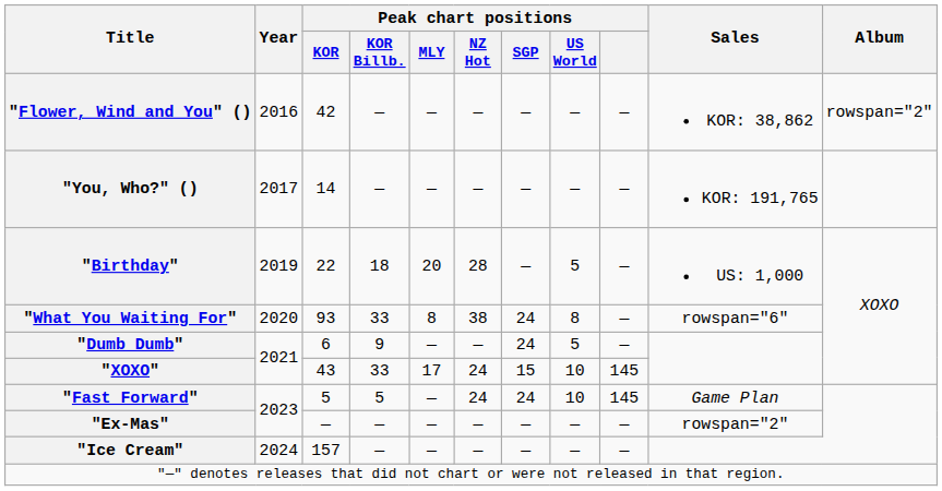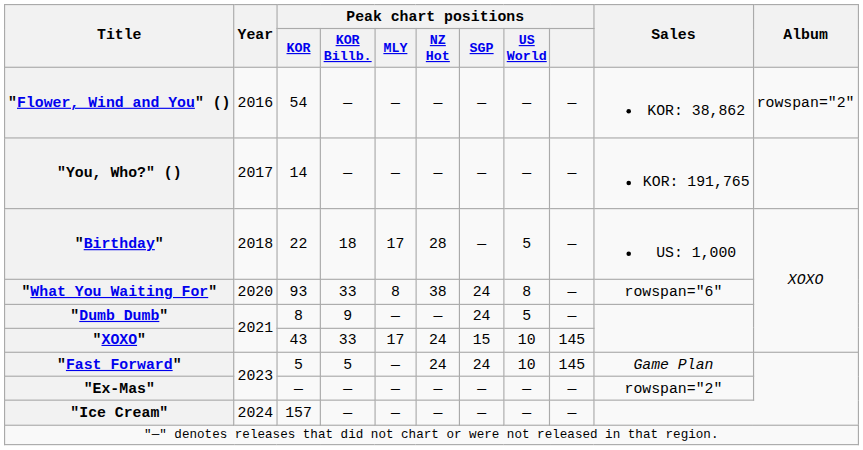 <table class="wikitable plainrowheaders" style="text-align:center">
 <tr>
 <th scope="col" rowspan="2">Title</th>
 <th scope="col" rowspan="2">Year</th>
 <th scope="col" colspan="7">Peak chart positions</th>
 <th scope="col" rowspan="2">Sales</th>
 <th scope="col" rowspan="2">Album</th>
 </tr>
 <tr>
 <th scope="col" style="width:2.8em;font-size:90%"><a href='#'>KOR</a><br></th>
 <th scope="col" style="width:2.8em;font-size:90%"><a href='#'>KOR Billb.</a><br></th>
 <th scope="col" style="width:2.6em;font-size:90%"><a href='#'>MLY</a><br></th>
 <th scope="col" style="width:2.8em;font-size:90%"><a href='#'>NZ<br>Hot</a><br></th>
 <th scope="col" style="width:2.8em;font-size:90%"><a href='#'>SGP</a><br></th>
 <th scope="col" style="width:2.8em;font-size:90%"><a href='#'>US<br>World</a><br></th>
 <th scope="col" style="width:2.8em;font-size:90%"><a href='#'></a><br></th>
 </tr>
 <tr>
 <th scope="row">"<a href='#'>Flower, Wind and You</a>" ()<br></th>
 <td>2016</td>
-<td>42</td>
+<td>54</td>
 <td>—</td>
 <td>—</td>
 <td>—</td>
 <td>—</td>
 <td>—</td>
 <td>—</td>
 <td><br><ul><li>KOR: 38,862</li></ul></td>
 <td>rowspan="2" </td>
 </tr>
 <tr>
 <th scope="row">"You, Who?" ()<br></th>
 <td>2017</td>
 <td>14</td>
 <td>—</td>
 <td>—</td>
 <td>—</td>
 <td>—</td>
 <td>—</td>
 <td>—</td>
 <td><br><ul><li>KOR: 191,765</li></ul></td>
 </tr>
 <tr>
 <th scope="row">"<a href='#'>Birthday</a>"</th>
-<td>2019</td>
+<td>2018</td>
 <td>22</td>
 <td>18</td>
-<td>20</td>
+<td>17</td>
 <td>28</td>
 <td>—</td>
 <td>5</td>
 <td>—</td>
 <td><br><ul><li>US: 1,000</li></ul></td>
 <td rowspan="4"><em>XOXO</em></td>
 </tr>
 <tr>
 <th scope="row">"<a href='#'>What You Waiting For</a>"</th>
 <td>2020</td>
 <td>93</td>
 <td>33</td>
 <td>8</td>
 <td>38</td>
 <td>24</td>
 <td>8</td>
 <td>—</td>
 <td>rowspan="6" </td>
 </tr>
 <tr>
 <th scope="row">"<a href='#'>Dumb Dumb</a>"</th>
 <td rowspan="2">2021</td>
-<td>6</td>
+<td>8</td>
 <td>9</td>
 <td>—</td>
 <td>—</td>
 <td>24</td>
 <td>5</td>
 <td>—</td>
 </tr>
 <tr>
 <th scope="row">"<a href='#'>XOXO</a>"</th>
 <td>43</td>
 <td>33</td>
 <td>17</td>
 <td>24</td>
 <td>15</td>
 <td>10</td>
 <td>145</td>
 </tr>
 <tr>
 <th scope="row">"<a href='#'>Fast Forward</a>"</th>
 <td rowspan="2">2023</td>
 <td>5</td>
 <td>5</td>
 <td>—</td>
 <td>24</td>
 <td>24</td>
 <td>10</td>
 <td>145</td>
 <td><em>Game Plan</em></td>
 </tr>
 <tr>
 <th scope="row">"Ex-Mas"<br></th>
 <td>—</td>
 <td>—</td>
 <td>—</td>
 <td>—</td>
 <td>—</td>
 <td>—</td>
 <td>—</td>
 <td>rowspan="2" </td>
 </tr>
 <tr>
 <th scope="row">"Ice Cream"</th>
 <td>2024</td>
 <td>157</td>
 <td>—</td>
 <td>—</td>
 <td>—</td>
 <td>—</td>
 <td>—</td>
 <td>—</td>
 </tr>
 <tr>
 <td colspan="11" style="font-size:85%">"—" denotes releases that did not chart or were not released in that region.</td>
 </tr>
 </table>
